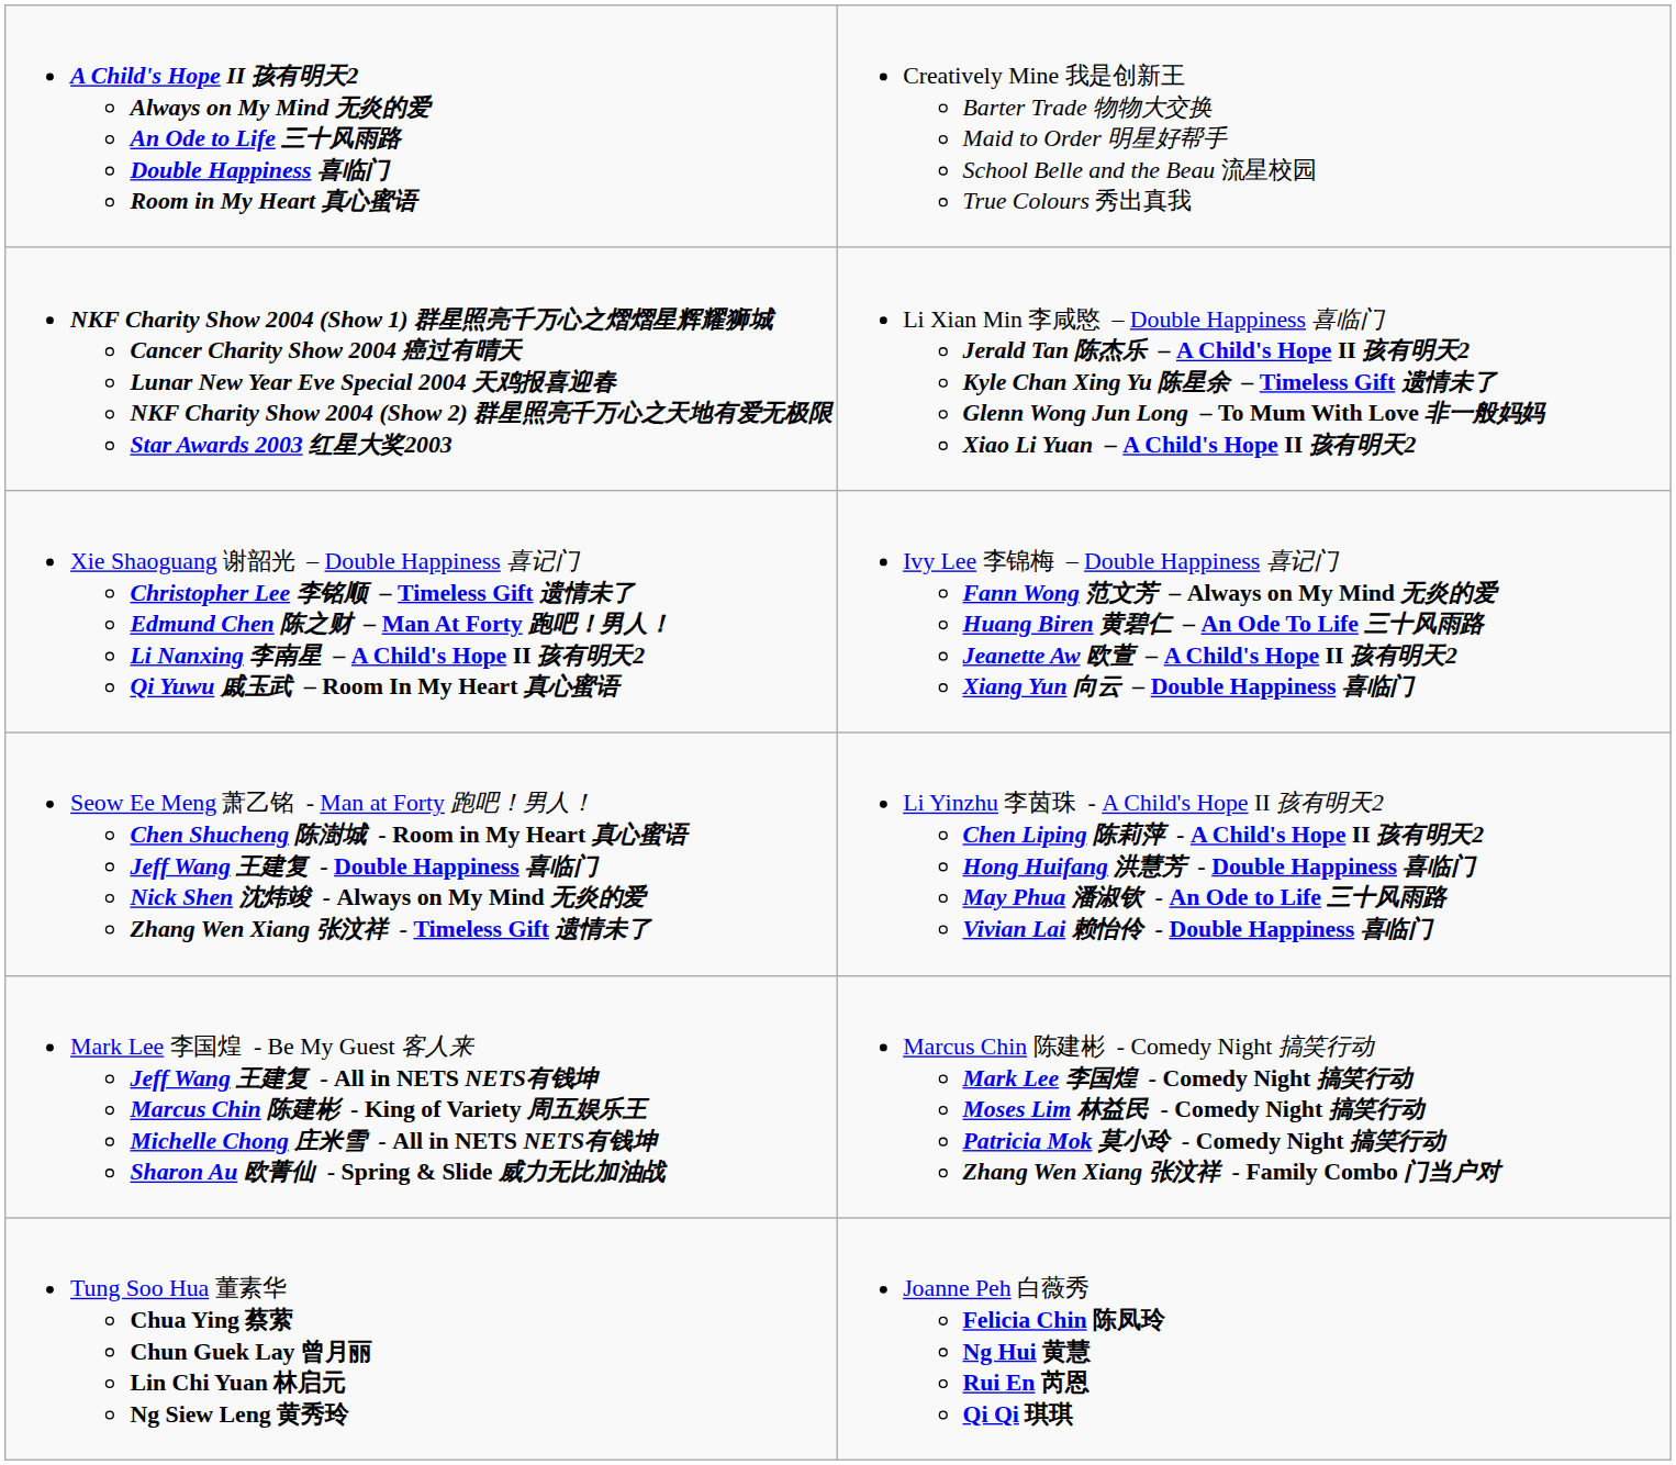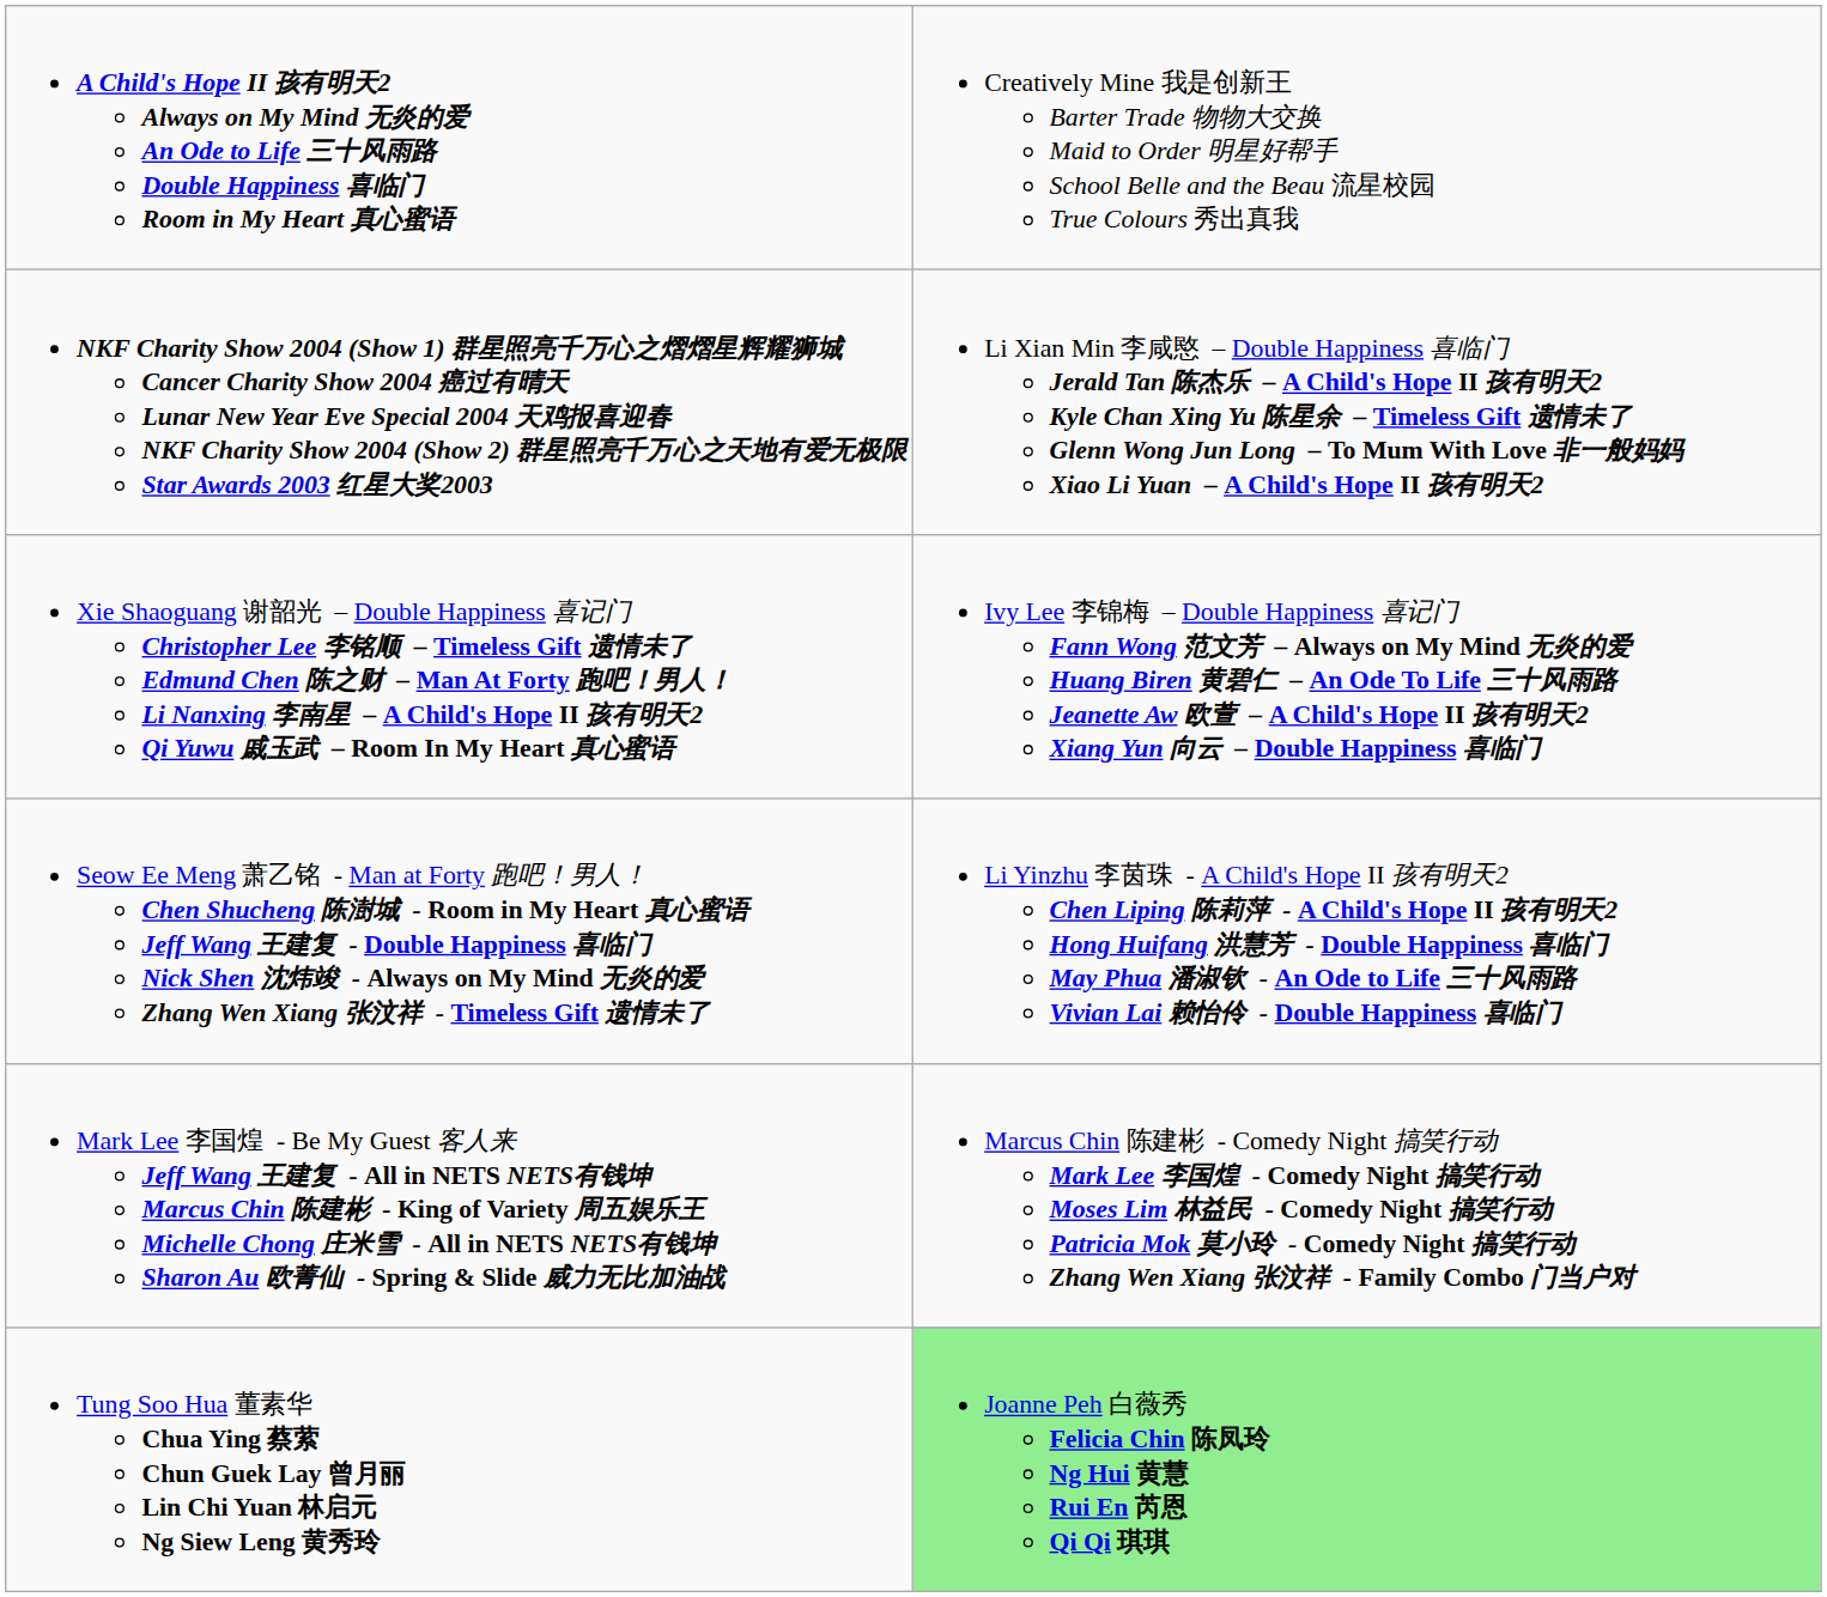 <table class=wikitable>
 <tr>
 <td valign="top" width="50%"><br><div></div><ul><li><strong><em><a href='#'>A Child's Hope</a><em> II 孩有明天2<strong><ul><li></em>Always on My Mind<em> 无炎的爱</li><li></em><a href='#'>An Ode to Life</a><em> 三十风雨路</li><li></em><a href='#'>Double Happiness</a><em> 喜临门</li><li></em>Room in My Heart<em> 真心蜜语</li></ul></li></ul></td>
 <td valign="top" width="50%"><br><div></div><ul><li></em></strong>Creatively Mine</em> 我是创新王</strong><ul><li><em>Barter Trade 物物大交换</em></li><li><em>Maid to Order 明星好帮手</em></li><li><em>School Belle and the Beau</em> 流星校园</li><li><em>True Colours</em> 秀出真我</li></ul></li></ul></td>
 </tr>
 <tr>
 <td valign="top" width="50%"><br><div></div><ul><li><strong><em>NKF Charity Show 2004<em> (Show 1) 群星照亮千万心之熠熠星辉耀狮城<strong><ul><li></em>Cancer Charity Show<em> 2004 癌过有晴天</li><li></em>Lunar New Year Eve Special<em> 2004 天鸡报喜迎春</li><li></em>NKF Charity Show 2004<em> (Show 2) 群星照亮千万心之天地有爱无极限</li><li></em><a href='#'>Star Awards 2003</a><em> 红星大奖2003</li></ul></li></ul></td>
 <td valign="top" width="50%"><br><div></div><ul><li></strong>Li Xian Min 李咸愍  – </em><a href='#'>Double Happiness</a><em> 喜临门<strong><ul><li>Jerald Tan 陈杰乐  – </em><a href='#'>A Child's Hope</a> II<em> 孩有明天2</li><li>Kyle Chan Xing Yu 陈星余  – </em><a href='#'>Timeless Gift</a><em> 遗情未了</li><li>Glenn Wong Jun Long  – </em>To Mum With Love<em> 非一般妈妈</li><li>Xiao Li Yuan  – </em><a href='#'>A Child's Hope</a> II<em> 孩有明天2</li></ul></li></ul></td>
 </tr>
 <tr>
 <td valign="top" width="50%"><br><div></div><ul><li></strong><a href='#'>Xie Shaoguang</a> 谢韶光  – </em><a href='#'>Double Happiness</a><em> 喜记门<strong><ul><li><a href='#'>Christopher Lee</a> 李铭顺  – </em><a href='#'>Timeless Gift</a><em> 遗情未了</li><li><a href='#'>Edmund Chen</a> 陈之财  – </em><a href='#'>Man At Forty</a><em> 跑吧！男人！</li><li><a href='#'>Li Nanxing</a> 李南星  – </em><a href='#'>A Child's Hope</a> II<em> 孩有明天2</li><li><a href='#'>Qi Yuwu</a> 戚玉武  – </em>Room In My Heart<em> 真心蜜语</li></ul></li></ul></td>
 <td valign="top" width="50%"><br><div></div><ul><li></strong><a href='#'>Ivy Lee</a> 李锦梅  – </em><a href='#'>Double Happiness</a><em> 喜记门<strong><ul><li><a href='#'>Fann Wong</a> 范文芳  – </em>Always on My Mind<em> 无炎的爱</li><li><a href='#'>Huang Biren</a> 黄碧仁  – </em><a href='#'>An Ode To Life</a><em> 三十风雨路</li><li><a href='#'>Jeanette Aw</a> 欧萱  – </em><a href='#'>A Child's Hope</a> II<em> 孩有明天2</li><li><a href='#'>Xiang Yun</a> 向云  – </em><a href='#'>Double Happiness</a><em> 喜临门</li></ul></li></ul></td>
 </tr>
 <tr>
 <td valign="top" width="50%"><br><div></div><ul><li></strong><a href='#'>Seow Ee Meng</a> 萧乙铭  - </em><a href='#'>Man at Forty</a><em> 跑吧！男人！<strong><ul><li><a href='#'>Chen Shucheng</a> 陈澍城  - </em>Room in My Heart<em> 真心蜜语</li><li><a href='#'>Jeff Wang</a> 王建复  - </em><a href='#'>Double Happiness</a><em> 喜临门</li><li><a href='#'>Nick Shen</a> 沈炜竣  - </em>Always on My Mind<em> 无炎的爱</li><li>Zhang Wen Xiang 张汶祥  - </em><a href='#'>Timeless Gift</a><em> 遗情未了</li></ul></li></ul></td>
 <td valign="top" width="50%"><br><div></div><ul><li></strong><a href='#'>Li Yinzhu</a> 李茵珠  - </em><a href='#'>A Child's Hope</a> II<em> 孩有明天2<strong><ul><li><a href='#'>Chen Liping</a> 陈莉萍  - </em><a href='#'>A Child's Hope</a> II<em> 孩有明天2</li><li><a href='#'>Hong Huifang</a> 洪慧芳  - </em><a href='#'>Double Happiness</a><em> 喜临门</li><li><a href='#'>May Phua</a> 潘淑钦  - </em><a href='#'>An Ode to Life</a><em> 三十风雨路</li><li><a href='#'>Vivian Lai</a> 赖怡伶  - </em><a href='#'>Double Happiness</a><em> 喜临门</li></ul></li></ul></td>
 </tr>
 <tr>
 <td valign="top" width="50%"><br><div></div><ul><li></strong><a href='#'>Mark Lee</a> 李国煌  - </em>Be My Guest<em> 客人来<strong><ul><li><a href='#'>Jeff Wang</a> 王建复  - </em>All in NETS<em> NETS有钱坤</li><li><a href='#'>Marcus Chin</a> 陈建彬  - </em>King of Variety<em> 周五娱乐王</li><li><a href='#'>Michelle Chong</a> 庄米雪  - </em>All in NETS<em> NETS有钱坤</li><li><a href='#'>Sharon Au</a> 欧菁仙  - </em>Spring & Slide<em> 威力无比加油战</li></ul></li></ul></td>
 <td valign="top" width="50%"><br><div></div><ul><li></strong><a href='#'>Marcus Chin</a> 陈建彬  - </em>Comedy Night<em> 搞笑行动<strong><ul><li><a href='#'>Mark Lee</a> 李国煌  - </em>Comedy Night<em> 搞笑行动</li><li><a href='#'>Moses Lim</a> 林益民  - </em>Comedy Night<em> 搞笑行动</li><li><a href='#'>Patricia Mok</a> 莫小玲  - </em>Comedy Night<em> 搞笑行动</li><li>Zhang Wen Xiang 张汶祥  - </em>Family Combo<em> 门当户对</li></ul></li></ul></td>
 </tr>
 <tr>
 <td valign="top" width="50%"><br><div></div><ul><li></strong><a href='#'>Tung Soo Hua</a> 董素华<strong><ul><li>Chua Ying 蔡萦</li><li>Chun Guek Lay 曾月丽</li><li>Lin Chi Yuan 林启元</li><li>Ng Siew Leng 黄秀玲</li></ul></li></ul></td>
-<td valign="top" width="50%"><br><div></div><ul><li></strong><a href='#'>Joanne Peh</a> 白薇秀<strong><ul><li><a href='#'>Felicia Chin</a> 陈凤玲</li><li><a href='#'>Ng Hui</a> 黄慧</li><li><a href='#'>Rui En</a> 芮恩</li><li><a href='#'>Qi Qi</a> 琪琪</li></ul></li></ul></td>
+<td valign="top" width="50%" style="background: lightgreen;"><br><div></div><ul><li></strong><a href='#'>Joanne Peh</a> 白薇秀<strong><ul><li><a href='#'>Felicia Chin</a> 陈凤玲</li><li><a href='#'>Ng Hui</a> 黄慧</li><li><a href='#'>Rui En</a> 芮恩</li><li><a href='#'>Qi Qi</a> 琪琪</li></ul></li></ul></td>
 </tr>
 </table>
